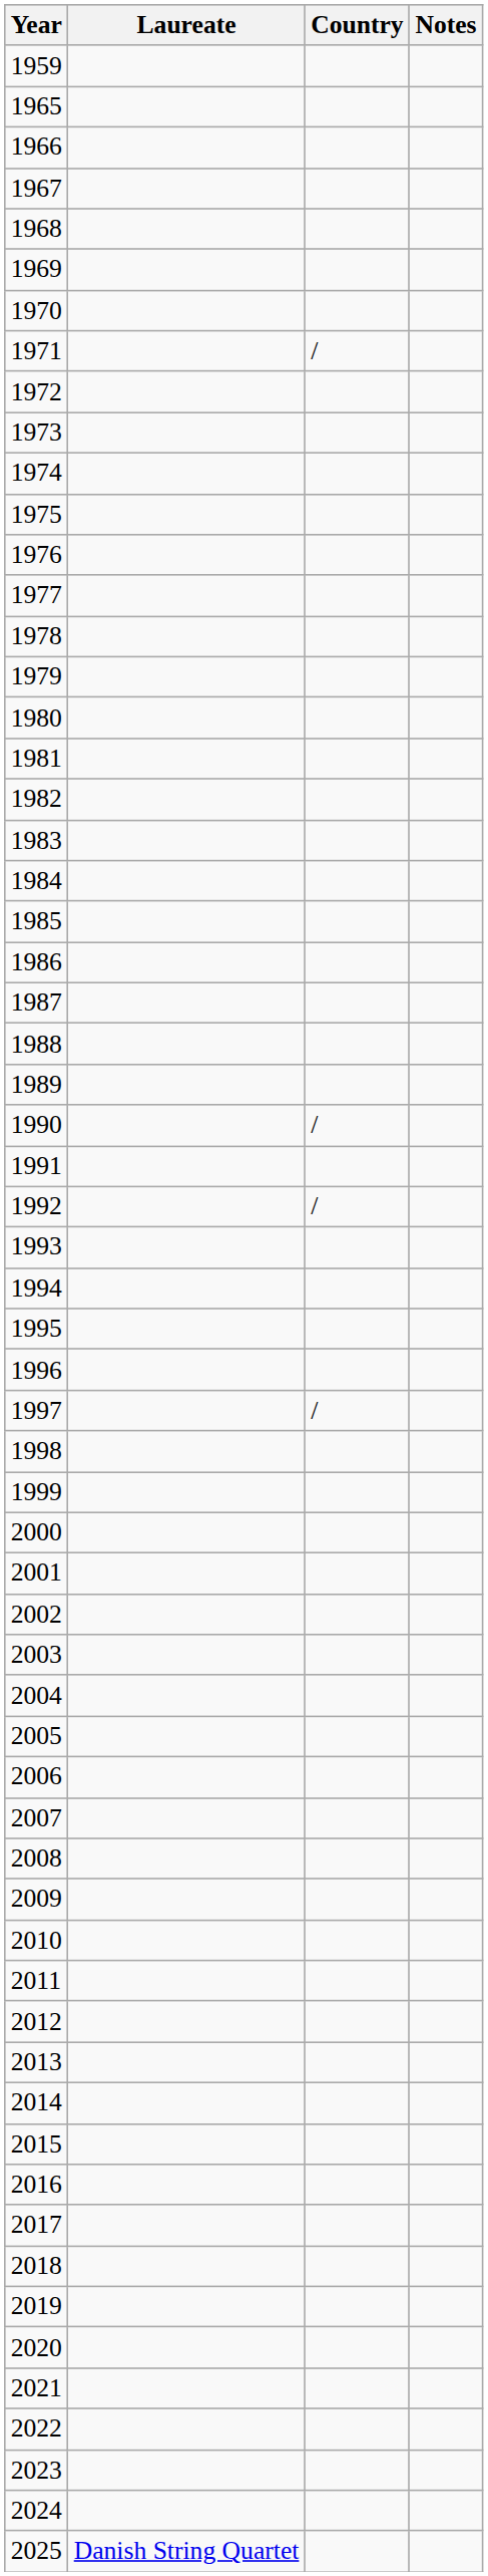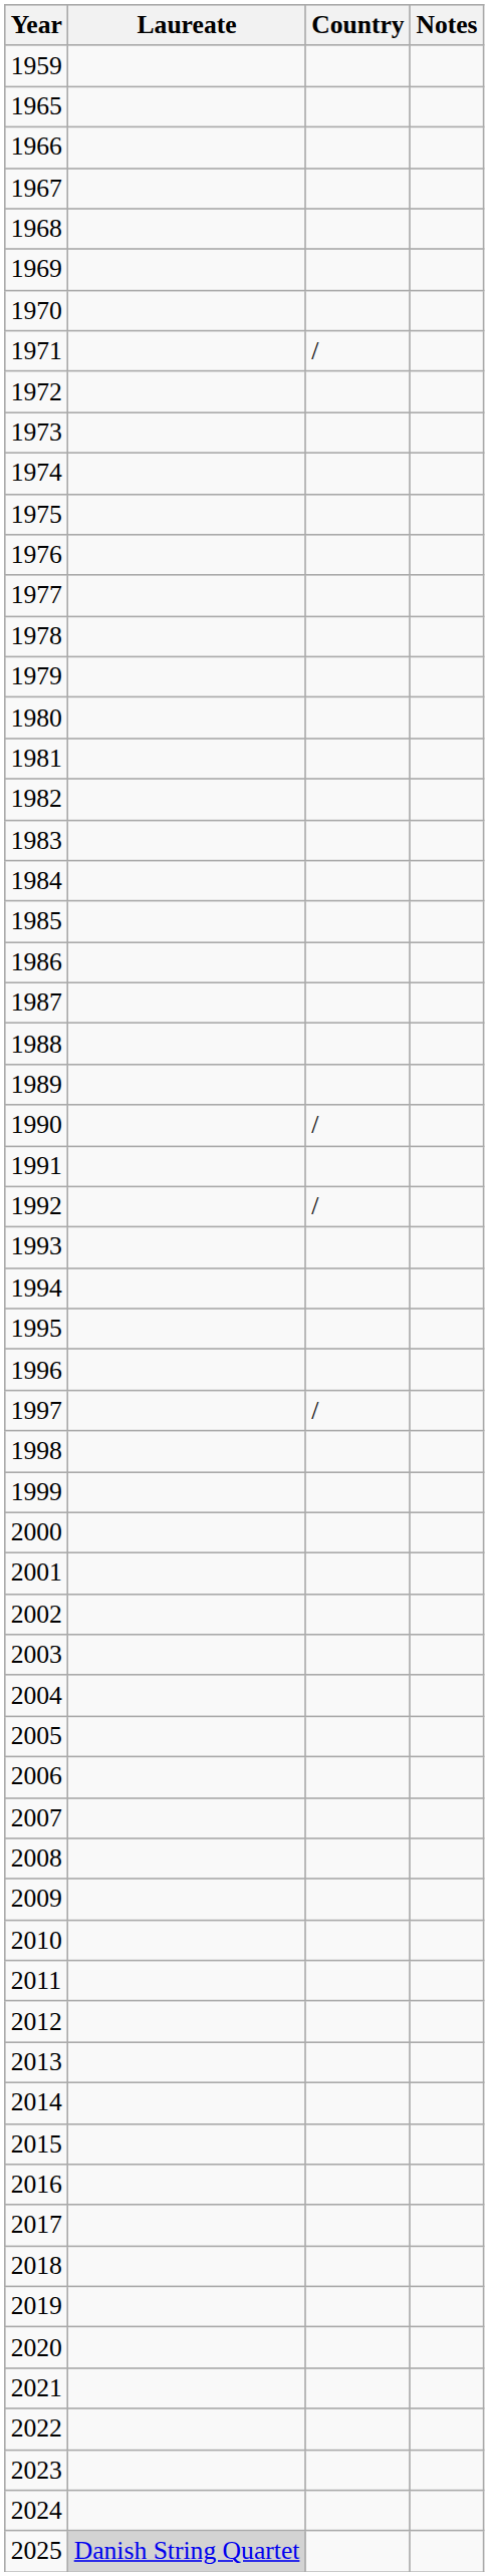 <table class="wikitable sortable">
 <tr>
 <th>Year</th>
 <th>Laureate</th>
 <th>Country</th>
 <th class=unsortable>Notes</th>
 </tr>
 <tr>
 <td>1959</td>
 <td></td>
 <td></td>
 <td></td>
 </tr>
 <tr>
 <td>1965</td>
 <td></td>
 <td></td>
 <td></td>
 </tr>
 <tr>
 <td>1966</td>
 <td></td>
 <td></td>
 <td></td>
 </tr>
 <tr>
 <td>1967</td>
 <td></td>
 <td></td>
 <td></td>
 </tr>
 <tr>
 <td>1968</td>
 <td></td>
 <td></td>
 <td></td>
 </tr>
 <tr>
 <td>1969</td>
 <td></td>
 <td></td>
 <td></td>
 </tr>
 <tr>
 <td>1970</td>
 <td></td>
 <td></td>
 <td></td>
 </tr>
 <tr>
 <td>1971</td>
 <td></td>
 <td>/</td>
 <td></td>
 </tr>
 <tr>
 <td>1972</td>
 <td></td>
 <td></td>
 <td></td>
 </tr>
 <tr>
 <td>1973</td>
 <td></td>
 <td></td>
 <td></td>
 </tr>
 <tr>
 <td>1974</td>
 <td></td>
 <td></td>
 <td></td>
 </tr>
 <tr>
 <td>1975</td>
 <td></td>
 <td></td>
 <td></td>
 </tr>
 <tr>
 <td>1976</td>
 <td></td>
 <td></td>
 <td></td>
 </tr>
 <tr>
 <td>1977</td>
 <td></td>
 <td></td>
 <td></td>
 </tr>
 <tr>
 <td>1978</td>
 <td></td>
 <td></td>
 <td></td>
 </tr>
 <tr>
 <td>1979</td>
 <td></td>
 <td></td>
 <td></td>
 </tr>
 <tr>
 <td>1980</td>
 <td></td>
 <td></td>
 <td></td>
 </tr>
 <tr>
 <td>1981</td>
 <td></td>
 <td></td>
 <td></td>
 </tr>
 <tr>
 <td>1982</td>
 <td></td>
 <td></td>
 <td></td>
 </tr>
 <tr>
 <td>1983</td>
 <td></td>
 <td></td>
 <td></td>
 </tr>
 <tr>
 <td>1984</td>
 <td></td>
 <td></td>
 <td></td>
 </tr>
 <tr>
 <td>1985</td>
 <td></td>
 <td></td>
 <td></td>
 </tr>
 <tr>
 <td>1986</td>
 <td></td>
 <td></td>
 <td></td>
 </tr>
 <tr>
 <td>1987</td>
 <td></td>
 <td></td>
 <td></td>
 </tr>
 <tr>
 <td>1988</td>
 <td></td>
 <td></td>
 <td></td>
 </tr>
 <tr>
 <td>1989</td>
 <td></td>
 <td></td>
 <td></td>
 </tr>
 <tr>
 <td>1990</td>
 <td></td>
 <td>/</td>
 <td></td>
 </tr>
 <tr>
 <td>1991</td>
 <td></td>
 <td></td>
 <td></td>
 </tr>
 <tr>
 <td>1992</td>
 <td></td>
 <td>/</td>
 <td></td>
 </tr>
 <tr>
 <td>1993</td>
 <td></td>
 <td></td>
 <td></td>
 </tr>
 <tr>
 <td>1994</td>
 <td></td>
 <td></td>
 <td></td>
 </tr>
 <tr>
 <td>1995</td>
 <td></td>
 <td></td>
 <td></td>
 </tr>
 <tr>
 <td>1996</td>
 <td></td>
 <td></td>
 <td></td>
 </tr>
 <tr>
 <td>1997</td>
 <td></td>
 <td>/</td>
 <td></td>
 </tr>
 <tr>
 <td>1998</td>
 <td></td>
 <td></td>
 <td></td>
 </tr>
 <tr>
 <td>1999</td>
 <td></td>
 <td></td>
 <td></td>
 </tr>
 <tr>
 <td>2000</td>
 <td></td>
 <td></td>
 <td></td>
 </tr>
 <tr>
 <td>2001</td>
 <td></td>
 <td></td>
 <td></td>
 </tr>
 <tr>
 <td>2002</td>
 <td></td>
 <td></td>
 <td></td>
 </tr>
 <tr>
 <td>2003</td>
 <td></td>
 <td></td>
 <td></td>
 </tr>
 <tr>
 <td>2004</td>
 <td></td>
 <td></td>
 <td></td>
 </tr>
 <tr>
 <td>2005</td>
 <td></td>
 <td></td>
 <td></td>
 </tr>
 <tr>
 <td>2006</td>
 <td></td>
 <td></td>
 <td></td>
 </tr>
 <tr>
 <td>2007</td>
 <td></td>
 <td></td>
 <td></td>
 </tr>
 <tr>
 <td>2008</td>
 <td></td>
 <td></td>
 <td></td>
 </tr>
 <tr>
 <td>2009</td>
 <td></td>
 <td></td>
 <td></td>
 </tr>
 <tr>
 <td>2010</td>
 <td></td>
 <td></td>
 <td></td>
 </tr>
 <tr>
 <td>2011</td>
 <td></td>
 <td></td>
 <td></td>
 </tr>
 <tr>
 <td>2012</td>
 <td></td>
 <td></td>
 <td></td>
 </tr>
 <tr>
 <td>2013</td>
 <td></td>
 <td></td>
 <td></td>
 </tr>
 <tr>
 <td>2014</td>
 <td></td>
 <td></td>
 <td></td>
 </tr>
 <tr>
 <td>2015</td>
 <td></td>
 <td></td>
 <td></td>
 </tr>
 <tr>
 <td>2016</td>
 <td></td>
 <td></td>
 <td></td>
 </tr>
 <tr>
 <td>2017</td>
 <td></td>
 <td></td>
 <td></td>
 </tr>
 <tr>
 <td>2018</td>
 <td></td>
 <td></td>
 <td></td>
 </tr>
 <tr>
 <td>2019</td>
 <td></td>
 <td></td>
 <td></td>
 </tr>
 <tr>
 <td>2020</td>
 <td></td>
 <td></td>
 <td></td>
 </tr>
 <tr>
 <td>2021</td>
 <td></td>
 <td></td>
 <td></td>
 </tr>
 <tr>
 <td>2022</td>
 <td></td>
 <td></td>
 <td></td>
 </tr>
 <tr>
 <td>2023</td>
 <td></td>
 <td></td>
 <td></td>
 </tr>
 <tr>
 <td>2024</td>
 <td></td>
 <td></td>
 <td></td>
 </tr>
 <tr>
 <td>2025</td>
-<td><a href='#'>Danish String Quartet</a></td>
+<td style="background: lightgrey;"><a href='#'>Danish String Quartet</a></td>
 <td></td>
 <td></td>
 </tr>
 </table>
